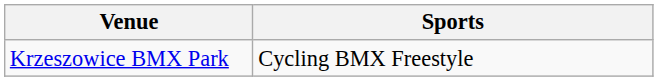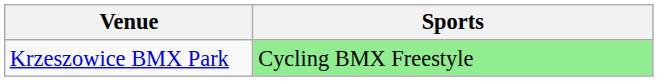 <table class="wikitable sortable">
 <tr>
 <th width="170">Venue</th>
 <th width="278">Sports</th>
 </tr>
 <tr>
 <td><a href='#'>Krzeszowice BMX Park</a></td>
-<td>Cycling BMX Freestyle</td>
+<td style="background: lightgreen;">Cycling BMX Freestyle</td>
 </tr>
 </table>
